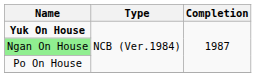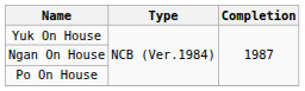 <table class="wikitable" style="text-align: center">
 <tr>
 <th>Name</th>
 <th>Type</th>
 <th>Completion</th>
 </tr>
 <tr>
-<td><strong>Yuk On House</strong></td>
+<td>Yuk On House</td>
 <td rowspan="3">NCB (Ver.1984)</td>
 <td rowspan="3">1987</td>
 </tr>
 <tr>
-<td style="background: lightgreen;">Ngan On House</td>
+<td>Ngan On House</td>
 </tr>
 <tr>
 <td>Po On House</td>
 </tr>
 <tr>
 </tr>
 </table>
